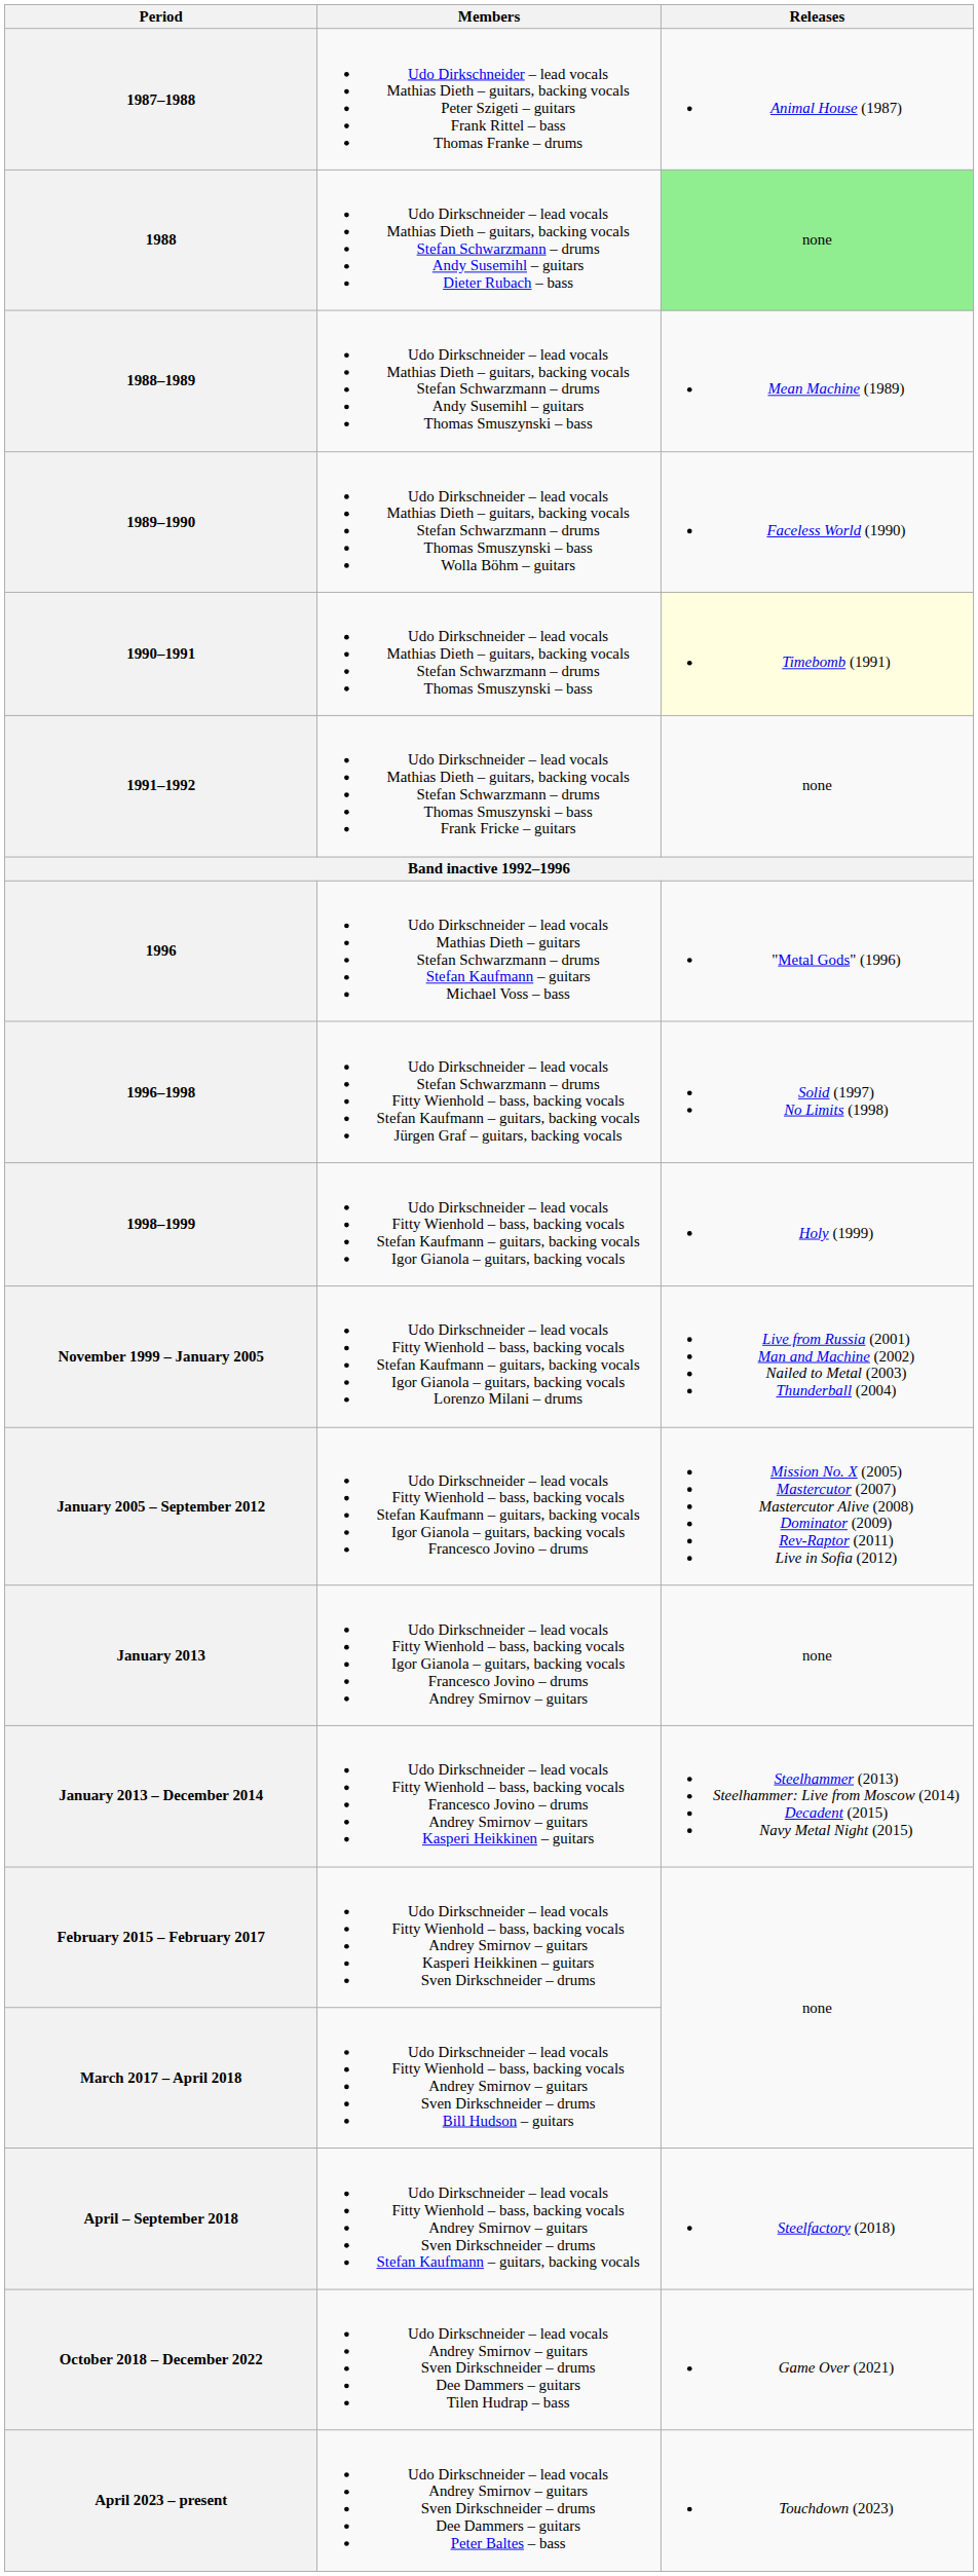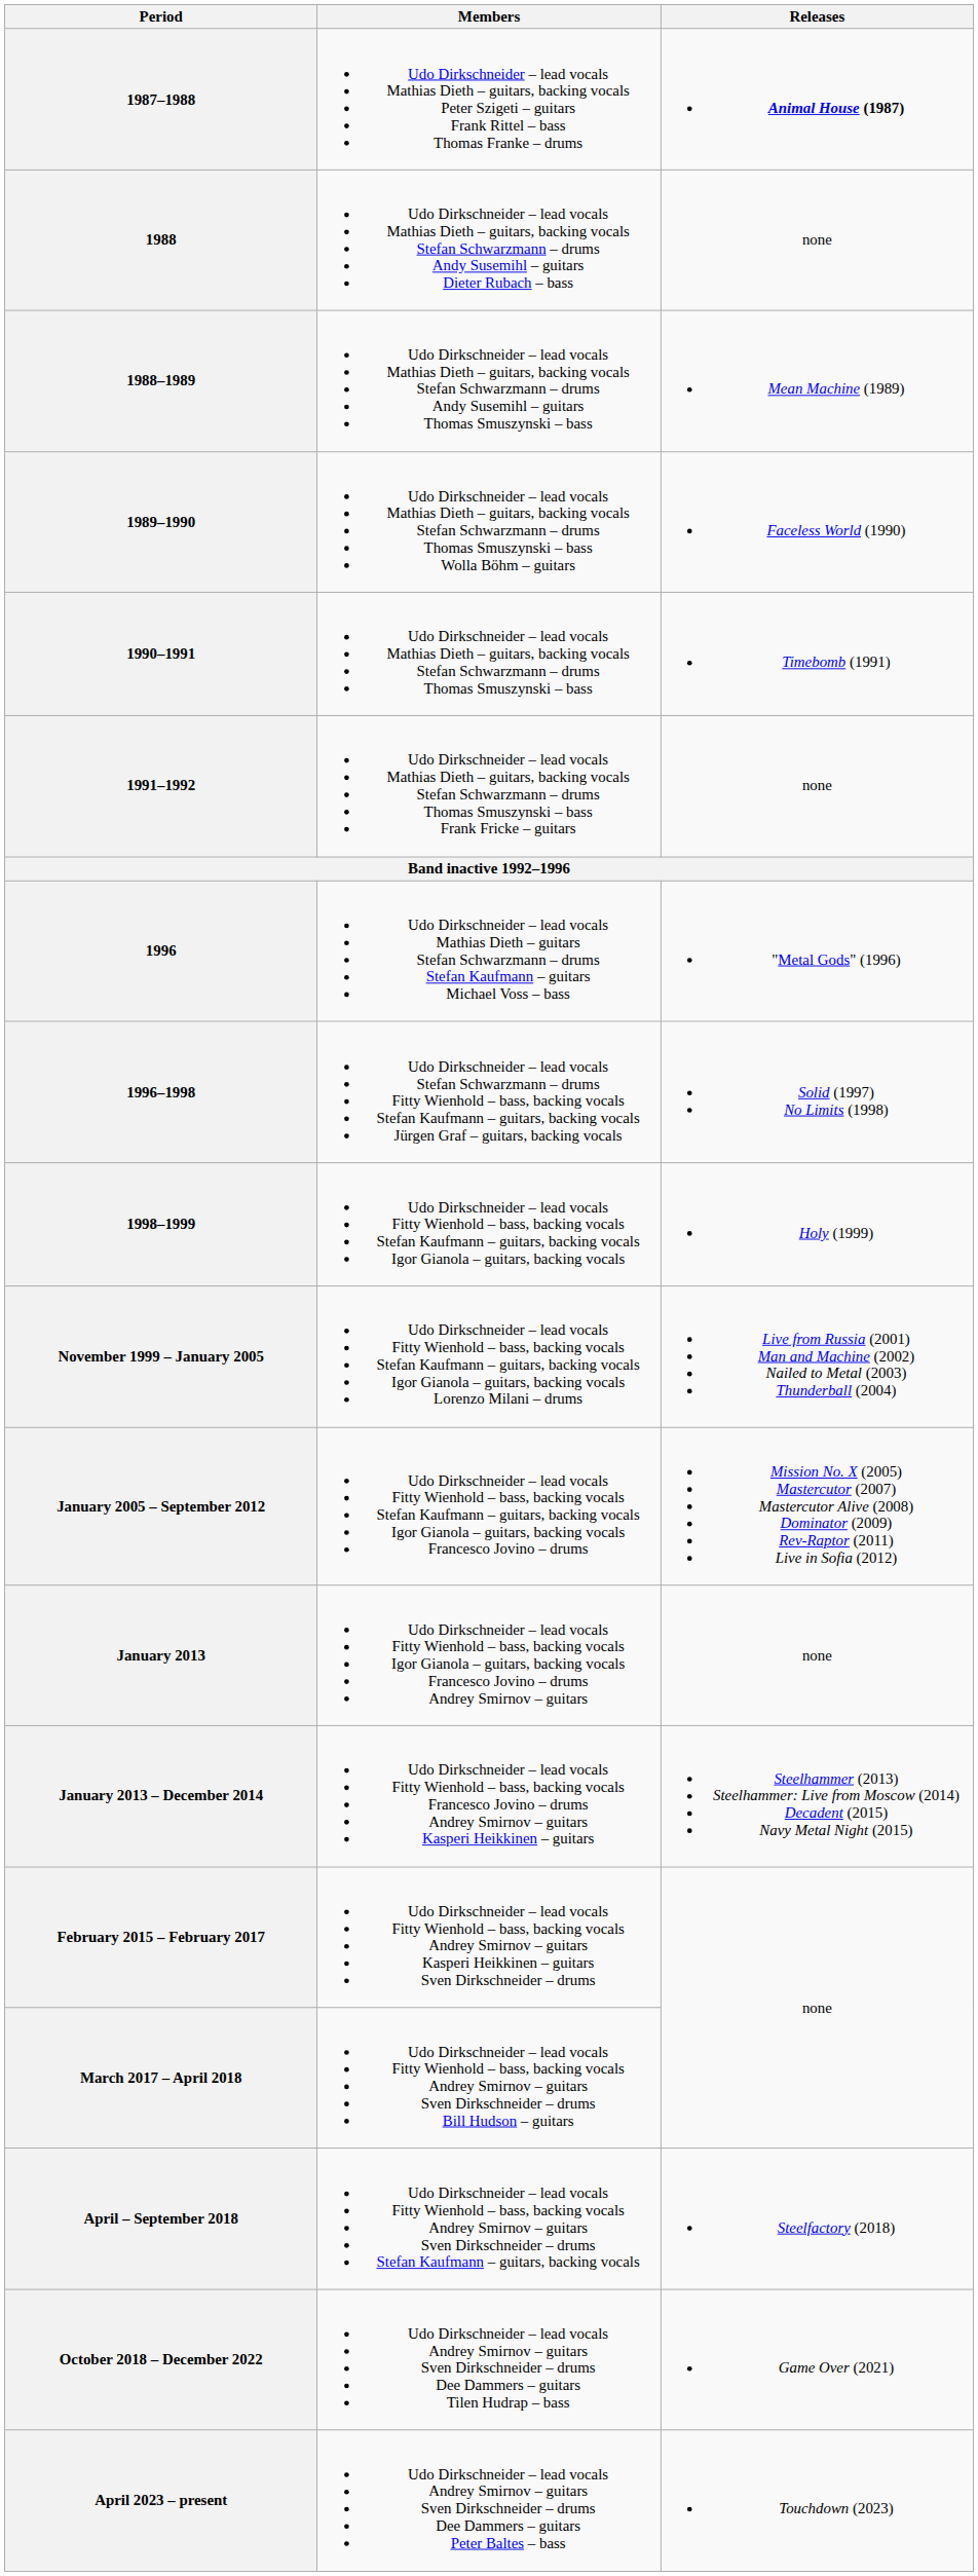 <table class="wikitable plainrowheaders" style="text-align:center;">
 <tr>
 <th scope="col" style="width:20em;">Period</th>
 <th scope="col" style="width:22em;">Members</th>
 <th scope="col" style="width:20em;">Releases</th>
 </tr>
 <tr>
 <th scope="col">1987–1988</th>
 <td><br><ul><li><a href='#'>Udo Dirkschneider</a> – lead vocals</li><li>Mathias Dieth – guitars, backing vocals</li><li>Peter Szigeti – guitars</li><li>Frank Rittel – bass</li><li>Thomas Franke – drums</li></ul></td>
-<td><br><ul><li><em><a href='#'>Animal House</a></em> (1987)</li></ul></td>
+<td><strong><br><ul><li><em><a href='#'>Animal House</a></em> (1987)</li></ul></strong></td>
 </tr>
 <tr>
 <th scope="col">1988</th>
 <td><br><ul><li>Udo Dirkschneider – lead vocals</li><li>Mathias Dieth – guitars, backing vocals</li><li><a href='#'>Stefan Schwarzmann</a> – drums</li><li><a href='#'>Andy Susemihl</a> – guitars</li><li><a href='#'>Dieter Rubach</a> – bass</li></ul></td>
-<td style="background: lightgreen;">none</td>
+<td>none</td>
 </tr>
 <tr>
 <th scope="col">1988–1989</th>
 <td><br><ul><li>Udo Dirkschneider – lead vocals</li><li>Mathias Dieth – guitars, backing vocals</li><li>Stefan Schwarzmann – drums</li><li>Andy Susemihl – guitars</li><li>Thomas Smuszynski – bass</li></ul></td>
 <td><br><ul><li><em><a href='#'>Mean Machine</a></em> (1989)</li></ul></td>
 </tr>
 <tr>
 <th scope="col">1989–1990</th>
 <td><br><ul><li>Udo Dirkschneider – lead vocals</li><li>Mathias Dieth – guitars, backing vocals</li><li>Stefan Schwarzmann – drums</li><li>Thomas Smuszynski – bass</li><li>Wolla Böhm – guitars</li></ul></td>
 <td><br><ul><li><em><a href='#'>Faceless World</a></em> (1990)</li></ul></td>
 </tr>
 <tr>
 <th scope="col">1990–1991</th>
 <td><br><ul><li>Udo Dirkschneider – lead vocals</li><li>Mathias Dieth – guitars, backing vocals</li><li>Stefan Schwarzmann – drums</li><li>Thomas Smuszynski – bass</li></ul></td>
-<td style="background: lightyellow;"><br><ul><li><em><a href='#'>Timebomb</a></em> (1991)</li></ul></td>
+<td><br><ul><li><em><a href='#'>Timebomb</a></em> (1991)</li></ul></td>
 </tr>
 <tr>
 <th scope="col">1991–1992</th>
 <td><br><ul><li>Udo Dirkschneider – lead vocals</li><li>Mathias Dieth – guitars, backing vocals</li><li>Stefan Schwarzmann – drums</li><li>Thomas Smuszynski – bass</li><li>Frank Fricke – guitars</li></ul></td>
 <td>none</td>
 </tr>
 <tr>
 <th scope="col" colspan="3">Band inactive 1992–1996</th>
 </tr>
 <tr>
 <th scope="col">1996</th>
 <td><br><ul><li>Udo Dirkschneider – lead vocals</li><li>Mathias Dieth – guitars</li><li>Stefan Schwarzmann – drums</li><li><a href='#'>Stefan Kaufmann</a> – guitars</li><li>Michael Voss – bass</li></ul></td>
 <td><br><ul><li>"<a href='#'>Metal Gods</a>" (1996)</li></ul></td>
 </tr>
 <tr>
 <th scope="col">1996–1998</th>
 <td><br><ul><li>Udo Dirkschneider – lead vocals</li><li>Stefan Schwarzmann – drums</li><li>Fitty Wienhold – bass, backing vocals</li><li>Stefan Kaufmann – guitars, backing vocals</li><li>Jürgen Graf – guitars, backing vocals</li></ul></td>
 <td><br><ul><li><em><a href='#'>Solid</a></em> (1997)</li><li><em><a href='#'>No Limits</a></em> (1998)</li></ul></td>
 </tr>
 <tr>
 <th scope="col">1998–1999</th>
 <td><br><ul><li>Udo Dirkschneider – lead vocals</li><li>Fitty Wienhold – bass, backing vocals</li><li>Stefan Kaufmann – guitars, backing vocals</li><li>Igor Gianola – guitars, backing vocals</li></ul></td>
 <td><br><ul><li><em><a href='#'>Holy</a></em> (1999)</li></ul></td>
 </tr>
 <tr>
 <th scope="col">November 1999 – January 2005</th>
 <td><br><ul><li>Udo Dirkschneider – lead vocals</li><li>Fitty Wienhold – bass, backing vocals</li><li>Stefan Kaufmann – guitars, backing vocals</li><li>Igor Gianola – guitars, backing vocals</li><li>Lorenzo Milani – drums</li></ul></td>
 <td><br><ul><li><em><a href='#'>Live from Russia</a></em> (2001)</li><li><em><a href='#'>Man and Machine</a></em> (2002)</li><li><em>Nailed to Metal</em> (2003)</li><li><em><a href='#'>Thunderball</a></em> (2004)</li></ul></td>
 </tr>
 <tr>
 <th scope="col">January 2005 – September 2012</th>
 <td><br><ul><li>Udo Dirkschneider – lead vocals</li><li>Fitty Wienhold – bass, backing vocals</li><li>Stefan Kaufmann – guitars, backing vocals</li><li>Igor Gianola – guitars, backing vocals</li><li>Francesco Jovino – drums</li></ul></td>
 <td><br><ul><li><em><a href='#'>Mission No. X</a></em> (2005)</li><li><em><a href='#'>Mastercutor</a></em> (2007)</li><li><em>Mastercutor Alive</em> (2008)</li><li><em><a href='#'>Dominator</a></em> (2009)</li><li><em><a href='#'>Rev-Raptor</a></em> (2011)</li><li><em>Live in Sofia</em> (2012)</li></ul></td>
 </tr>
 <tr>
 <th scope="col">January 2013</th>
 <td><br><ul><li>Udo Dirkschneider – lead vocals</li><li>Fitty Wienhold – bass, backing vocals</li><li>Igor Gianola – guitars, backing vocals</li><li>Francesco Jovino – drums</li><li>Andrey Smirnov – guitars</li></ul></td>
 <td>none</td>
 </tr>
 <tr>
 <th scope="col">January 2013 – December 2014</th>
 <td><br><ul><li>Udo Dirkschneider – lead vocals</li><li>Fitty Wienhold – bass, backing vocals</li><li>Francesco Jovino – drums</li><li>Andrey Smirnov – guitars</li><li><a href='#'>Kasperi Heikkinen</a> – guitars</li></ul></td>
 <td><br><ul><li><em><a href='#'>Steelhammer</a></em> (2013)</li><li><em>Steelhammer: Live from Moscow</em> (2014)</li><li><em><a href='#'>Decadent</a></em> (2015)</li><li><em>Navy Metal Night</em> (2015)</li></ul></td>
 </tr>
 <tr>
 <th scope="col">February 2015 – February 2017</th>
 <td><br><ul><li>Udo Dirkschneider – lead vocals</li><li>Fitty Wienhold – bass, backing vocals</li><li>Andrey Smirnov – guitars</li><li>Kasperi Heikkinen – guitars</li><li>Sven Dirkschneider – drums</li></ul></td>
 <td rowspan="2">none</td>
 </tr>
 <tr>
 <th scope="col">March 2017 – April 2018</th>
 <td><br><ul><li>Udo Dirkschneider – lead vocals</li><li>Fitty Wienhold – bass, backing vocals</li><li>Andrey Smirnov – guitars</li><li>Sven Dirkschneider – drums</li><li><a href='#'>Bill Hudson</a> – guitars</li></ul></td>
 </tr>
 <tr>
 <th scope="col">April – September 2018</th>
 <td><br><ul><li>Udo Dirkschneider – lead vocals</li><li>Fitty Wienhold – bass, backing vocals</li><li>Andrey Smirnov – guitars</li><li>Sven Dirkschneider – drums</li><li><a href='#'>Stefan Kaufmann</a> – guitars, backing vocals </li></ul></td>
 <td><br><ul><li><em><a href='#'>Steelfactory</a></em> (2018)</li></ul></td>
 </tr>
 <tr>
 <th scope="col">October 2018 – December 2022</th>
 <td><br><ul><li>Udo Dirkschneider – lead vocals</li><li>Andrey Smirnov – guitars</li><li>Sven Dirkschneider – drums</li><li>Dee Dammers – guitars</li><li>Tilen Hudrap – bass</li></ul></td>
 <td><br><ul><li><em>Game Over</em> (2021)</li></ul></td>
 </tr>
 <tr>
 <th scope="col">April 2023 – present</th>
 <td><br><ul><li>Udo Dirkschneider – lead vocals</li><li>Andrey Smirnov – guitars</li><li>Sven Dirkschneider – drums</li><li>Dee Dammers – guitars</li><li><a href='#'>Peter Baltes</a> – bass</li></ul></td>
 <td><br><ul><li><em>Touchdown</em> (2023)</li></ul></td>
 </tr>
 </table>
